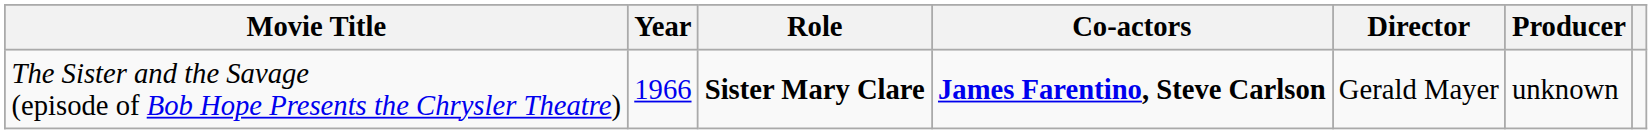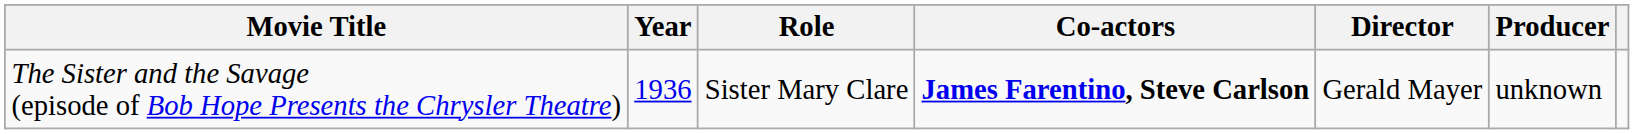 <table class="wikitable">
 <tr>
 <th>Movie Title</th>
 <th>Year</th>
 <th>Role</th>
 <th>Co-actors</th>
 <th>Director</th>
 <th>Producer</th>
 <th></th>
 </tr>
 <tr>
 <td><em>The Sister and the Savage</em><br>(episode of <em><a href='#'>Bob Hope Presents the Chrysler Theatre</a></em>)</td>
-<td><a href='#'>1966</a></td>
-<td><strong>Sister Mary Clare</strong></td>
+<td><a href='#'>1936</a></td>
+<td>Sister Mary Clare</td>
 <td><strong><a href='#'>James Farentino</a>, Steve Carlson</strong></td>
 <td>Gerald Mayer</td>
 <td>unknown</td>
 <td></td>
 </tr>
 </table>
